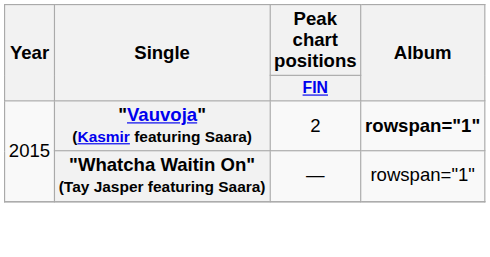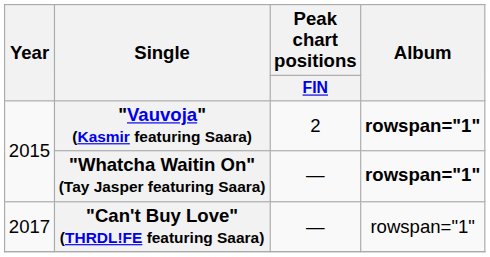 <table class="wikitable plainrowheaders" style="text-align:center;">
 <tr>
 <th scope="col" rowspan="2">Year</th>
 <th scope="col" rowspan="2">Single</th>
 <th scope="col" colspan="1">Peak chart positions</th>
 <th scope="col" rowspan="2">Album</th>
 </tr>
 <tr>
 <th scope="col" style="width:3em;font-size:85%;"><a href='#'>FIN</a><br></th>
 </tr>
 <tr>
 <td rowspan=2>2015</td>
 <th scope="row">"<a href='#'>Vauvoja</a>"<br><small>(<a href='#'>Kasmir</a> featuring Saara)</small></th>
 <td>2</td>
 <td><strong>rowspan="1" </strong></td>
 </tr>
 <tr>
 <th scope="row">"Whatcha Waitin On"<br><small>(Tay Jasper featuring Saara)</small></th>
 <td>—</td>
+<td><strong>rowspan="1" </strong></td>
+</tr>
+<tr>
+<td rowspan=1>2017</td>
+<th scope="row">"Can't Buy Love"<br><small>(<a href='#'>THRDL!FE</a> featuring Saara)</small></th>
+<td>—</td>
 <td>rowspan="1" </td>
 </tr>
 <tr>
 </tr>
 </table>
